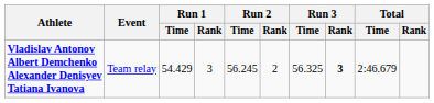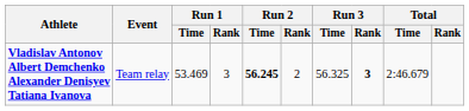 <table class="wikitable" style="font-size:90%">
 <tr>
 <th rowspan="2">Athlete</th>
 <th rowspan="2">Event</th>
 <th colspan=2>Run 1</th>
 <th colspan=2>Run 2</th>
 <th colspan=2>Run 3</th>
 <th colspan=2>Total</th>
 </tr>
 <tr style="font-size:95%">
 <th>Time</th>
 <th>Rank</th>
 <th>Time</th>
 <th>Rank</th>
 <th>Time</th>
 <th>Rank</th>
 <th>Time</th>
 <th>Rank</th>
 </tr>
 <tr align=center>
 <td align=left><strong><a href='#'>Vladislav Antonov</a><br><a href='#'>Albert Demchenko</a><br><a href='#'>Alexander Denisyev</a><br><a href='#'>Tatiana Ivanova</a></strong></td>
 <td align=left><a href='#'>Team relay</a></td>
-<td>54.429</td>
+<td>53.469</td>
 <td>3</td>
-<td>56.245</td>
+<td><strong>56.245</strong></td>
 <td>2</td>
 <td>56.325</td>
 <td><strong>3</strong></td>
 <td>2:46.679</td>
 <td></td>
 </tr>
 </table>
